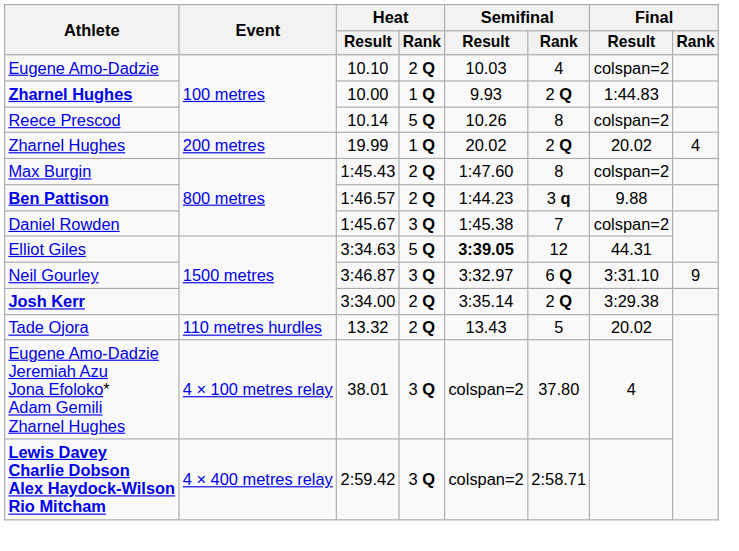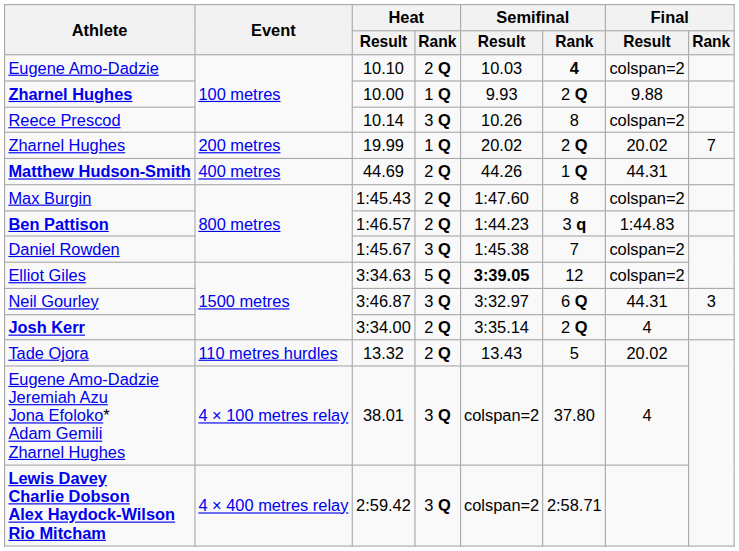 <table class="wikitable" style="font-size:90%">
 <tr>
 <th rowspan="2">Athlete</th>
 <th rowspan="2">Event</th>
 <th colspan="2">Heat</th>
 <th colspan="2">Semifinal</th>
 <th colspan="2">Final</th>
 </tr>
 <tr style="font-size:95%">
 <th>Result</th>
 <th>Rank</th>
 <th>Result</th>
 <th>Rank</th>
 <th>Result</th>
 <th>Rank</th>
 </tr>
 <tr align=center>
 <td align=left><a href='#'>Eugene Amo-Dadzie</a></td>
 <td align=left rowspan=3><a href='#'>100 metres</a></td>
 <td>10.10</td>
 <td>2 <strong>Q</strong></td>
 <td>10.03</td>
-<td>4</td>
+<td><strong>4</strong></td>
 <td>colspan=2 </td>
 </tr>
 <tr align=center>
 <td align=left><strong><a href='#'>Zharnel Hughes</a></strong></td>
 <td>10.00</td>
 <td>1 <strong>Q</strong></td>
 <td>9.93</td>
 <td>2 <strong>Q</strong></td>
-<td>1:44.83</td>
+<td>9.88</td>
 <td></td>
 </tr>
 <tr align=center>
 <td align=left><a href='#'>Reece Prescod</a></td>
 <td>10.14</td>
-<td>5 <strong>Q</strong></td>
+<td>3 <strong>Q</strong></td>
 <td>10.26</td>
 <td>8</td>
 <td>colspan=2 </td>
 </tr>
 <tr align=center>
 <td align=left><a href='#'>Zharnel Hughes</a></td>
 <td align=left><a href='#'>200 metres</a></td>
 <td>19.99</td>
 <td>1 <strong>Q</strong></td>
 <td>20.02</td>
 <td>2 <strong>Q</strong></td>
 <td>20.02</td>
-<td>4</td>
+<td>7</td>
+</tr>
+<tr align=center>
+<td align=left><strong><a href='#'>Matthew Hudson-Smith</a></strong></td>
+<td align=left><a href='#'>400 metres</a></td>
+<td>44.69 </td>
+<td>2 <strong>Q</strong></td>
+<td>44.26 <strong></strong></td>
+<td>1 <strong>Q</strong></td>
+<td>44.31</td>
+<td></td>
 </tr>
 <tr align=center>
 <td align=left><a href='#'>Max Burgin</a></td>
 <td align=left rowspan=3><a href='#'>800 metres</a></td>
 <td>1:45.43</td>
 <td>2 <strong>Q</strong></td>
 <td>1:47.60</td>
 <td>8</td>
 <td>colspan=2 </td>
 </tr>
 <tr align=center>
 <td align=left><strong><a href='#'>Ben Pattison</a></strong></td>
 <td>1:46.57</td>
 <td>2 <strong>Q</strong></td>
 <td>1:44.23</td>
 <td>3 <strong>q</strong></td>
-<td>9.88</td>
+<td>1:44.83</td>
 <td></td>
 </tr>
 <tr align=center>
 <td align=left><a href='#'>Daniel Rowden</a></td>
 <td>1:45.67</td>
 <td>3 <strong>Q</strong></td>
 <td>1:45.38</td>
 <td>7</td>
 <td>colspan=2 </td>
 </tr>
 <tr align=center>
 <td align=left><a href='#'>Elliot Giles</a></td>
 <td align=left rowspan=3><a href='#'>1500 metres</a></td>
 <td>3:34.63</td>
 <td>5 <strong>Q</strong></td>
 <td><strong>3:39.05</strong></td>
 <td>12</td>
-<td>44.31</td>
+<td>colspan=2 </td>
 </tr>
 <tr align=center>
 <td align=left><a href='#'>Neil Gourley</a></td>
 <td>3:46.87</td>
 <td>3 <strong>Q</strong></td>
 <td>3:32.97</td>
 <td>6 <strong>Q</strong></td>
-<td>3:31.10</td>
-<td>9</td>
+<td>44.31</td>
+<td>3</td>
 </tr>
 <tr align=center>
 <td align=left><strong><a href='#'>Josh Kerr</a></strong></td>
 <td>3:34.00</td>
 <td>2 <strong>Q</strong></td>
 <td>3:35.14</td>
 <td>2 <strong>Q</strong></td>
-<td>3:29.38 </td>
+<td>4</td>
 <td></td>
 </tr>
 <tr align=center>
 <td align=left><a href='#'>Tade Ojora</a></td>
 <td align=left><a href='#'>110 metres hurdles</a></td>
 <td>13.32</td>
 <td>2 <strong>Q</strong></td>
 <td>13.43</td>
 <td>5</td>
 <td>20.02</td>
 </tr>
 <tr align=center>
 <td align=left><a href='#'>Eugene Amo-Dadzie</a><br><a href='#'>Jeremiah Azu</a><br><a href='#'>Jona Efoloko</a>*<br><a href='#'>Adam Gemili</a><br><a href='#'>Zharnel Hughes</a></td>
 <td align=left><a href='#'>4 × 100 metres relay</a></td>
 <td>38.01</td>
 <td>3 <strong>Q</strong></td>
 <td>colspan=2</td>
 <td>37.80 </td>
 <td>4</td>
 </tr>
 <tr align=center>
 <td align=left><strong><a href='#'>Lewis Davey</a><br><a href='#'>Charlie Dobson</a><br><a href='#'>Alex Haydock-Wilson</a><br><a href='#'>Rio Mitcham</a></strong></td>
 <td align=left><a href='#'>4 × 400 metres relay</a></td>
 <td>2:59.42 </td>
 <td>3 <strong>Q</strong></td>
 <td>colspan=2</td>
 <td>2:58.71 </td>
 <td></td>
 </tr>
 </table>
